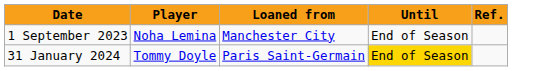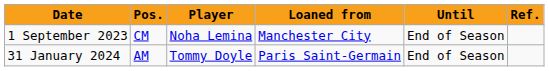 <table class="wikitable plainrowheaders sortable">
 <tr>
 <th style="background:#F9A01B; color:#000000; ">Date</th>
+<th style="background:#F9A01B; color:#000000; ">Pos.</th>
 <th style="background:#F9A01B; color:#000000; ">Player</th>
 <th style="background:#F9A01B; color:#000000; ">Loaned from</th>
 <th style="background:#F9A01B; color:#000000; ">Until</th>
 <th style="background:#F9A01B; color:#000000; ">Ref.</th>
 </tr>
 <tr>
 <td>1 September 2023</td>
+<td><a href='#'>CM</a></td>
 <td> <a href='#'>Noha Lemina</a></td>
 <td> <a href='#'>Manchester City</a></td>
 <td>End of Season</td>
 <td></td>
 </tr>
 <tr>
 <td>31 January 2024</td>
+<td><a href='#'>AM</a></td>
 <td> <a href='#'>Tommy Doyle</a></td>
 <td> <a href='#'>Paris Saint-Germain</a></td>
-<td style="background: gold;">End of Season</td>
+<td>End of Season</td>
 <td></td>
 </tr>
 </table>
